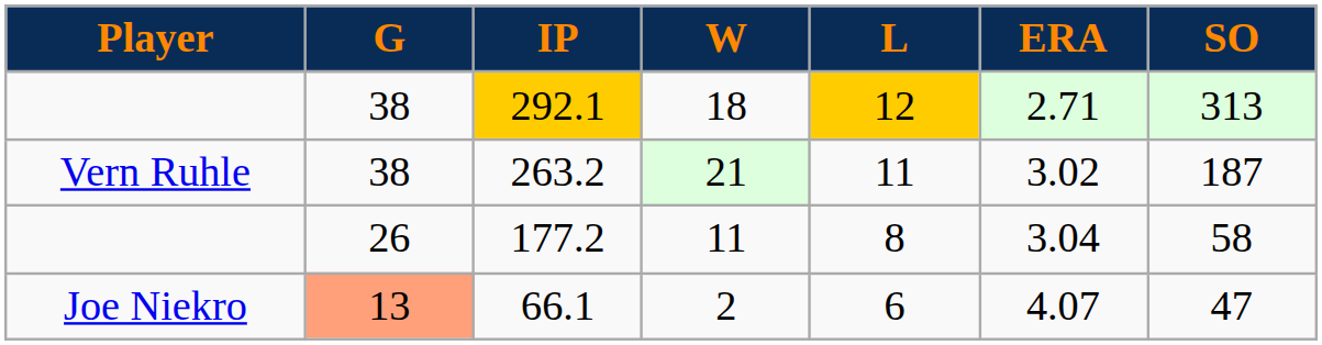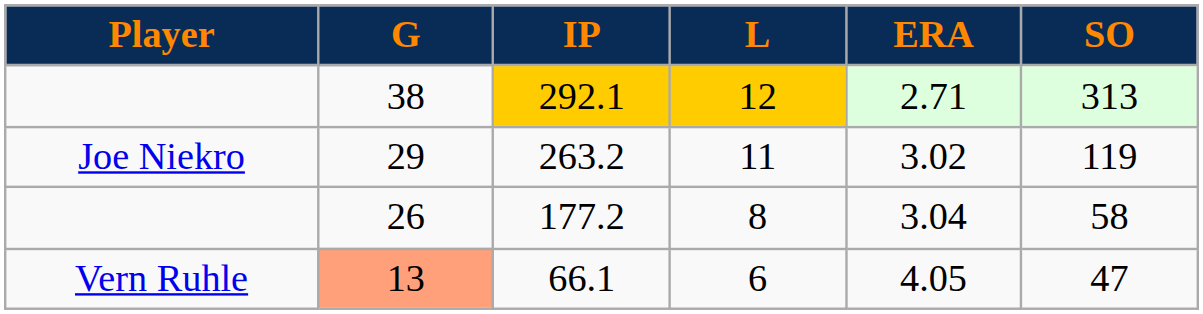 <table class="wikitable sortable">
 <tr>
 <th style="background:#092c57;color:#FF8800;" width="16%">Player</th>
 <th style="background:#092c57;color:#FF8800;" width="9%">G</th>
 <th style="background:#092c57;color:#FF8800;" width="9%">IP</th>
-<th style="background:#092c57;color:#FF8800;" width="9%">W</th>
 <th style="background:#092c57;color:#FF8800;" width="9%">L</th>
 <th style="background:#092c57;color:#FF8800;" width="9%">ERA</th>
 <th style="background:#092c57;color:#FF8800;" width="9%">SO</th>
 </tr>
 <tr align="center">
 <td></td>
 <td>38</td>
 <td style="background:#fc0;">292.1</td>
-<td>18</td>
 <td style="background:#fc0;">12</td>
 <td style="background:#DDFFDD;">2.71</td>
 <td style="background:#DDFFDD;">313</td>
 </tr>
 <tr align=center>
-<td><a href='#'>Vern Ruhle</a></td>
-<td>38</td>
+<td><a href='#'>Joe Niekro</a></td>
+<td>29</td>
 <td>263.2</td>
-<td style="background:#DDFFDD;">21</td>
 <td>11</td>
 <td>3.02</td>
-<td>187</td>
+<td>119</td>
 </tr>
 <tr align="center">
 <td></td>
 <td>26</td>
 <td>177.2</td>
-<td>11</td>
 <td>8</td>
 <td>3.04</td>
 <td>58</td>
 </tr>
 <tr align="center">
-<td><a href='#'>Joe Niekro</a></td>
+<td><a href='#'>Vern Ruhle</a></td>
 <td style="background: lightsalmon;">13</td>
 <td>66.1</td>
-<td>2</td>
 <td>6</td>
-<td>4.07</td>
+<td>4.05</td>
 <td>47</td>
 </tr>
 </table>
